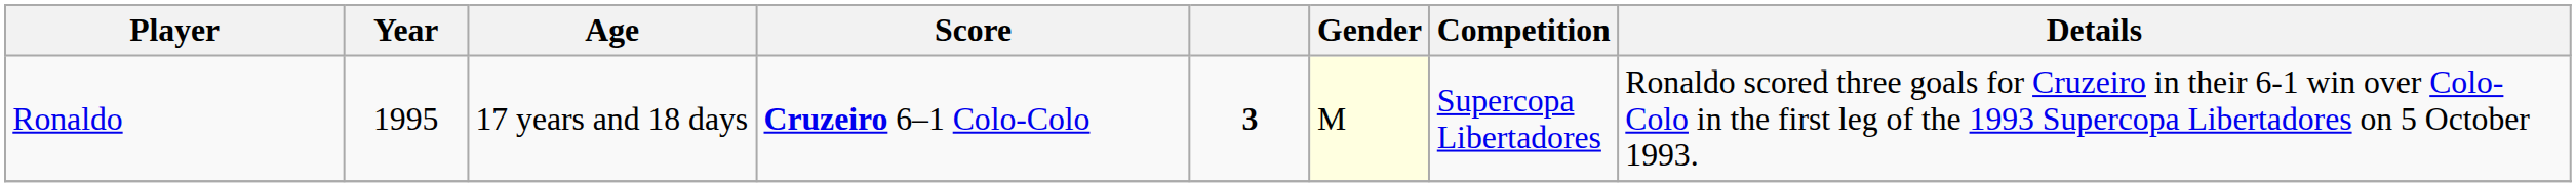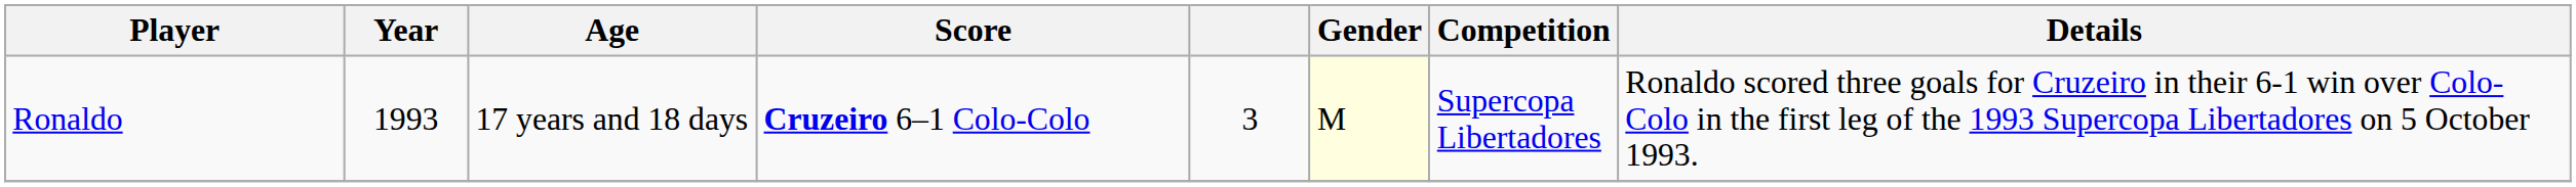 <table class="wikitable sortable" width=100%>
 <tr>
 <th width = 14%>Player</th>
 <th width = 5%>Year</th>
 <th width = 12%>Age</th>
 <th width = 18%>Score</th>
 <th width = 5%></th>
 <th width="1%">Gender</th>
 <th width="5%">Competition</th>
 <th width="50%">Details</th>
 </tr>
 <tr>
 <td> <a href='#'>Ronaldo</a></td>
-<td align=center>1995</td>
+<td align=center>1993</td>
 <td>17 years and 18 days</td>
 <td><a href='#'><strong>Cruzeiro</strong></a> 6–1 <a href='#'>Colo-Colo</a></td>
-<td align=center><strong>3</strong></td>
+<td align=center>3</td>
 <td style="background: lightyellow;">M</td>
 <td><a href='#'>Supercopa Libertadores</a></td>
 <td>Ronaldo scored three goals for <a href='#'>Cruzeiro</a> in their 6-1 win over <a href='#'>Colo-Colo</a> in the first leg of the <a href='#'>1993 Supercopa Libertadores</a> on 5 October 1993.</td>
 </tr>
 <tr>
 </tr>
 </table>
